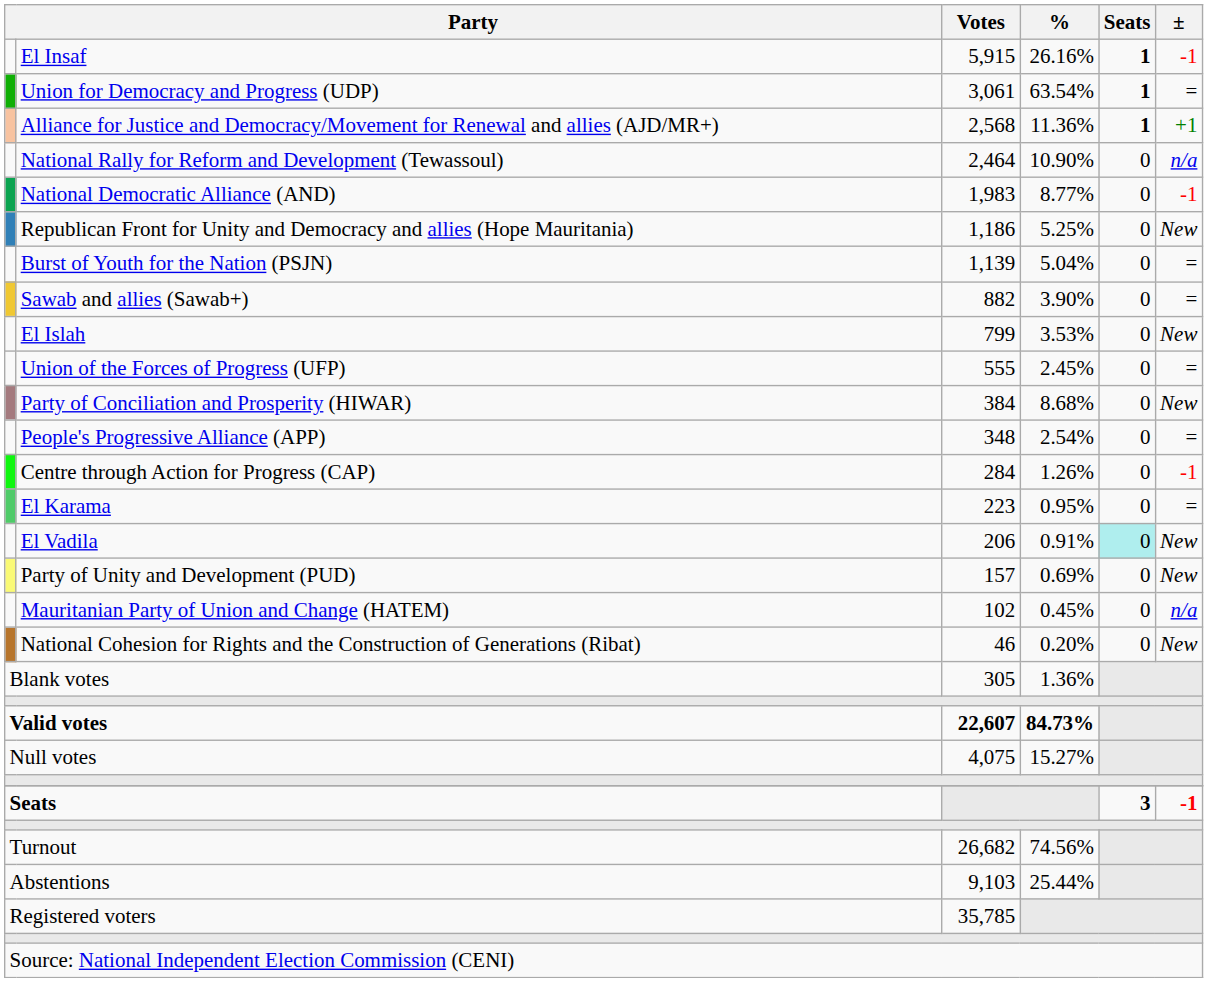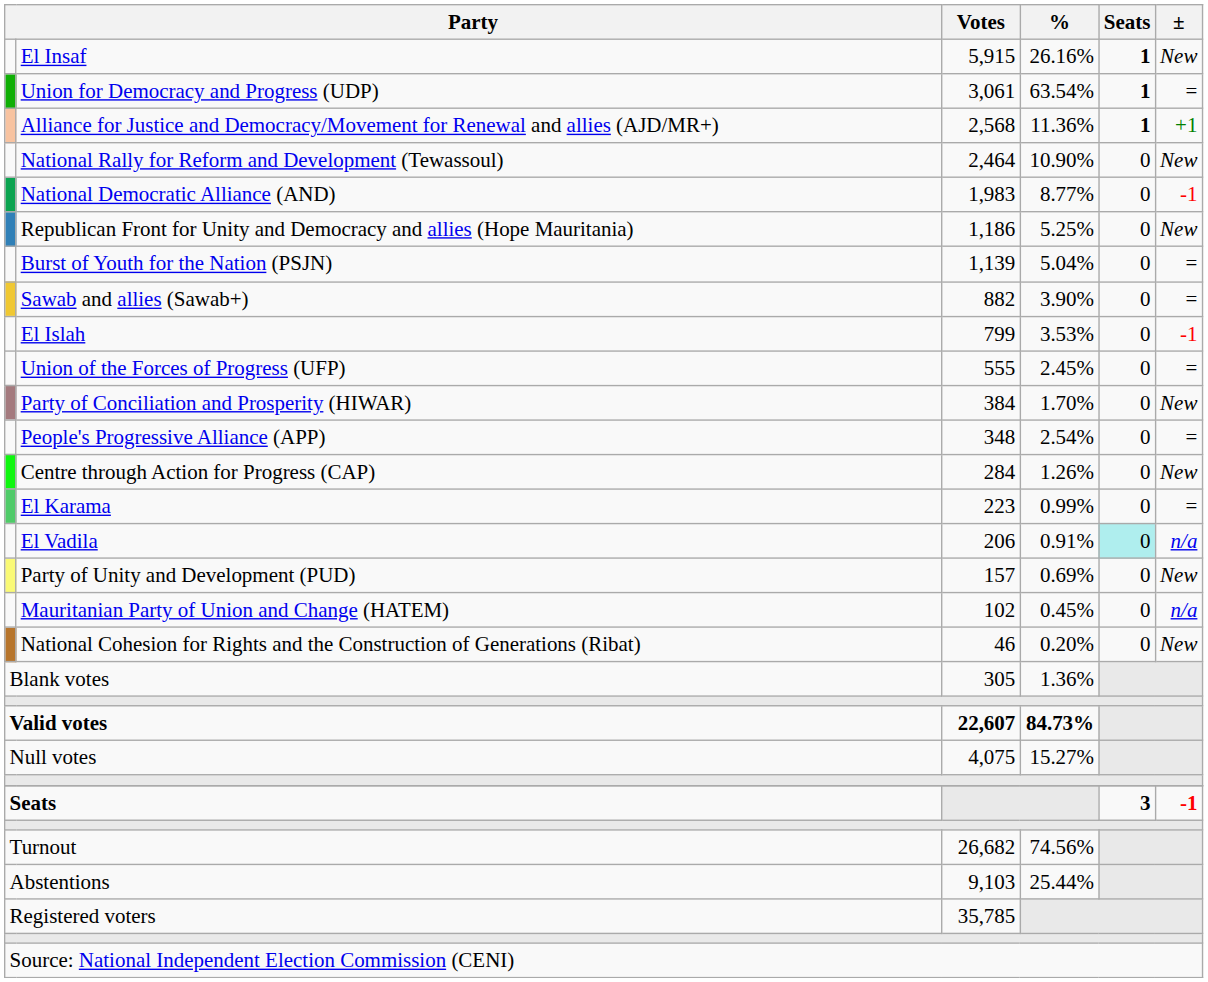 <table class="wikitable" style="text-align:right;font-size:95%;">
 <tr>
 <th width="700" colspan="2">Party</th>
 <th width="50">Votes</th>
 <th width="50">%</th>
 <th width="25">Seats</th>
 <th width="20">±</th>
 </tr>
 <tr>
 <td width="1" style="color:inherit;background:"></td>
 <td style="text-align:left;"><a href='#'>El Insaf</a></td>
 <td>5,915</td>
 <td>26.16%</td>
 <td><strong>1</strong></td>
-<td style="color:red;">-1</td>
+<td><em>New</em></td>
 </tr>
 <tr>
 <td width="1" style="color:inherit;background:#0FAF05;"></td>
 <td style="text-align:left;"><a href='#'>Union for Democracy and Progress</a> (UDP)</td>
 <td>3,061</td>
 <td>63.54%</td>
 <td><strong>1</strong></td>
 <td>=</td>
 </tr>
 <tr>
 <td width="1" style="color:inherit;background:#F8C3A0;"></td>
 <td style="text-align:left;"><a href='#'>Alliance for Justice and Democracy/Movement for Renewal</a> and <a href='#'>allies</a> (AJD/MR+)</td>
 <td>2,568</td>
 <td>11.36%</td>
 <td><strong>1</strong></td>
 <td style="color:green;">+1</td>
 </tr>
 <tr>
 <td width="1" style="color:inherit;background:"></td>
 <td style="text-align:left;"><a href='#'>National Rally for Reform and Development</a> (Tewassoul)</td>
 <td>2,464</td>
 <td>10.90%</td>
 <td>0</td>
-<td><em><a href='#'>n/a</a></em></td>
+<td><em>New</em></td>
 </tr>
 <tr>
 <td width="1" style="color:inherit;background:#0AA450;"></td>
 <td style="text-align:left;"><a href='#'>National Democratic Alliance</a> (AND)</td>
 <td>1,983</td>
 <td>8.77%</td>
 <td>0</td>
 <td style="color:red;">-1</td>
 </tr>
 <tr>
 <td width="1" style="color:inherit;background:#3080B7;"></td>
 <td style="text-align:left;">Republican Front for Unity and Democracy and <a href='#'>allies</a> (Hope Mauritania)</td>
 <td>1,186</td>
 <td>5.25%</td>
 <td>0</td>
 <td><em>New</em></td>
 </tr>
 <tr>
 <td width="1" style="color:inherit;background:"></td>
 <td style="text-align:left;"><a href='#'>Burst of Youth for the Nation</a> (PSJN)</td>
 <td>1,139</td>
 <td>5.04%</td>
 <td>0</td>
 <td>=</td>
 </tr>
 <tr>
 <td width="1" style="color:inherit;background:#F0C832;"></td>
 <td style="text-align:left;"><a href='#'>Sawab</a> and <a href='#'>allies</a> (Sawab+)</td>
 <td>882</td>
 <td>3.90%</td>
 <td>0</td>
 <td>=</td>
 </tr>
 <tr>
 <td width="1" style="color:inherit;background:"></td>
 <td style="text-align:left;"><a href='#'>El Islah</a></td>
 <td>799</td>
 <td>3.53%</td>
 <td>0</td>
-<td><em>New</em></td>
+<td style="color:red;">-1</td>
 </tr>
 <tr>
 <td width="1" style="color:inherit;background:"></td>
 <td style="text-align:left;"><a href='#'>Union of the Forces of Progress</a> (UFP)</td>
 <td>555</td>
 <td>2.45%</td>
 <td>0</td>
 <td>=</td>
 </tr>
 <tr>
 <td width="1" style="color:inherit;background:#A47A7E;"></td>
 <td style="text-align:left;"><a href='#'>Party of Conciliation and Prosperity</a> (HIWAR)</td>
 <td>384</td>
-<td>8.68%</td>
+<td>1.70%</td>
 <td>0</td>
 <td><em>New</em></td>
 </tr>
 <tr>
 <td width="1" style="color:inherit;background:"></td>
 <td style="text-align:left;"><a href='#'>People's Progressive Alliance</a> (APP)</td>
 <td>348</td>
 <td>2.54%</td>
 <td>0</td>
 <td>=</td>
 </tr>
 <tr>
 <td width="1" style="color:inherit;background:#0EF70E;"></td>
 <td style="text-align:left;">Centre through Action for Progress (CAP)</td>
 <td>284</td>
 <td>1.26%</td>
 <td>0</td>
-<td style="color:red;">-1</td>
+<td><em>New</em></td>
 </tr>
 <tr>
 <td width="1" style="color:inherit;background:#4FCB68;"></td>
 <td style="text-align:left;"><a href='#'>El Karama</a></td>
 <td>223</td>
-<td>0.95%</td>
+<td>0.99%</td>
 <td>0</td>
 <td>=</td>
 </tr>
 <tr>
 <td width="1" style="color:inherit;background:"></td>
 <td style="text-align:left;"><a href='#'>El Vadila</a></td>
 <td>206</td>
 <td>0.91%</td>
 <td style="background: paleturquoise;">0</td>
-<td><em>New</em></td>
+<td><em><a href='#'>n/a</a></em></td>
 </tr>
 <tr>
 <td width="1" style="color:inherit;background:#FAFA75;"></td>
 <td style="text-align:left;">Party of Unity and Development (PUD)</td>
 <td>157</td>
 <td>0.69%</td>
 <td>0</td>
 <td><em>New</em></td>
 </tr>
 <tr>
 <td width="1" style="color:inherit;background:"></td>
 <td style="text-align:left;"><a href='#'>Mauritanian Party of Union and Change</a> (HATEM)</td>
 <td>102</td>
 <td>0.45%</td>
 <td>0</td>
 <td><em><a href='#'>n/a</a></em></td>
 </tr>
 <tr>
 <td width="1" style="color:inherit;background:#B7752C;"></td>
 <td style="text-align:left;">National Cohesion for Rights and the Construction of Generations (Ribat)</td>
 <td>46</td>
 <td>0.20%</td>
 <td>0</td>
 <td><em>New</em></td>
 </tr>
 <tr>
 <td colspan="2" style="text-align:left;">Blank votes</td>
 <td>305</td>
 <td>1.36%</td>
 <td colspan="2" style="background:#E9E9E9;"></td>
 </tr>
 <tr>
 <td colspan="6" style="background:#E9E9E9;"></td>
 </tr>
 <tr style="font-weight:bold;">
 <td colspan="2" style="text-align:left;">Valid votes</td>
 <td>22,607</td>
 <td>84.73%</td>
 <td colspan="2" style="background:#E9E9E9;"></td>
 </tr>
 <tr>
 <td colspan="2" style="text-align:left;">Null votes</td>
 <td>4,075</td>
 <td>15.27%</td>
 <td colspan="2" style="background:#E9E9E9;"></td>
 </tr>
 <tr>
 <td colspan="6" style="background:#E9E9E9;"></td>
 </tr>
 <tr>
 </tr>
 <tr style="font-weight:bold;">
 <td colspan="2" style="text-align:left;">Seats</td>
 <td colspan="2" style="background:#E9E9E9;"></td>
 <td>3</td>
 <td style="color:red;">-1</td>
 </tr>
 <tr>
 <td colspan="6" style="background:#E9E9E9;"></td>
 </tr>
 <tr>
 <td colspan="2" style="text-align:left;">Turnout</td>
 <td>26,682</td>
 <td>74.56%</td>
 <td colspan="2" style="background:#E9E9E9;"></td>
 </tr>
 <tr>
 <td colspan="2" style="text-align:left;">Abstentions</td>
 <td>9,103</td>
 <td>25.44%</td>
 <td colspan="2" style="background:#E9E9E9;"></td>
 </tr>
 <tr>
 <td colspan="2" style="text-align:left;">Registered voters</td>
 <td>35,785</td>
 <td colspan="3" style="background:#E9E9E9;"></td>
 </tr>
 <tr>
 <td colspan="6" style="background:#E9E9E9;"></td>
 </tr>
 <tr>
 <td colspan="6" style="text-align:left;">Source: <a href='#'>National Independent Election Commission</a> (CENI)</td>
 </tr>
 </table>
